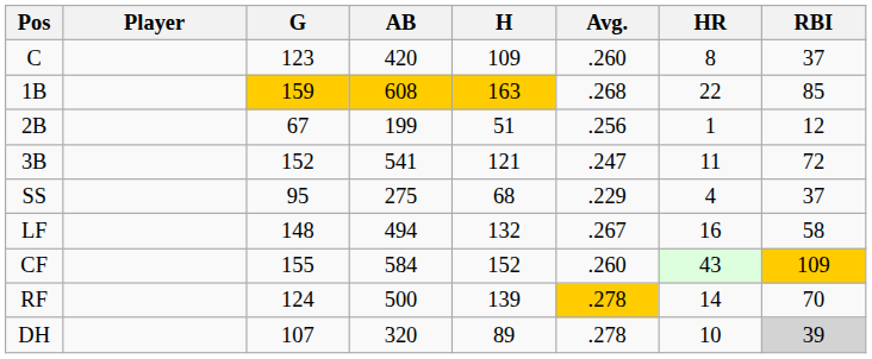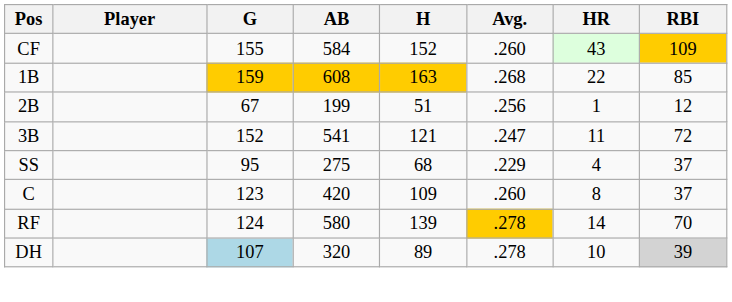 <table class="wikitable sortable">
 <tr>
 <th bgcolor="#DDDDFF" width="5%">Pos</th>
 <th bgcolor="#DDDDFF" width="16%">Player</th>
 <th bgcolor="#DDDDFF" width="9%">G</th>
 <th bgcolor="#DDDDFF" width="9%">AB</th>
 <th bgcolor="#DDDDFF" width="9%">H</th>
 <th bgcolor="#DDDDFF" width="9%">Avg.</th>
 <th bgcolor="#DDDDFF" width="9%">HR</th>
 <th bgcolor="#DDDDFF" width="9%">RBI</th>
 </tr>
 <tr align="center">
-<td>C</td>
+<td>CF</td>
 <td></td>
-<td>123</td>
-<td>420</td>
-<td>109</td>
+<td>155</td>
+<td>584</td>
+<td>152</td>
 <td>.260</td>
-<td>8</td>
-<td>37</td>
+<td style="background:#DDFFDD;">43</td>
+<td style="background:#fc0;">109</td>
 </tr>
 <tr align="center">
 <td>1B</td>
 <td></td>
 <td style="background:#fc0;">159</td>
 <td style="background:#fc0;">608</td>
 <td style="background:#fc0;">163</td>
 <td>.268</td>
 <td>22</td>
 <td>85</td>
 </tr>
 <tr align="center">
 <td>2B</td>
 <td></td>
 <td>67</td>
 <td>199</td>
 <td>51</td>
 <td>.256</td>
 <td>1</td>
 <td>12</td>
 </tr>
 <tr align="center">
 <td>3B</td>
 <td></td>
 <td>152</td>
 <td>541</td>
 <td>121</td>
 <td>.247</td>
 <td>11</td>
 <td>72</td>
 </tr>
 <tr align="center">
 <td>SS</td>
 <td></td>
 <td>95</td>
 <td>275</td>
 <td>68</td>
 <td>.229</td>
 <td>4</td>
 <td>37</td>
 </tr>
 <tr align="center">
-<td>LF</td>
+<td>C</td>
 <td></td>
-<td>148</td>
-<td>494</td>
-<td>132</td>
-<td>.267</td>
-<td>16</td>
-<td>58</td>
-</tr>
-<tr align="center">
-<td>CF</td>
-<td></td>
-<td>155</td>
-<td>584</td>
-<td>152</td>
+<td>123</td>
+<td>420</td>
+<td>109</td>
 <td>.260</td>
-<td style="background:#DDFFDD;">43</td>
-<td style="background:#fc0;">109</td>
+<td>8</td>
+<td>37</td>
 </tr>
 <tr align="center">
 <td>RF</td>
 <td></td>
 <td>124</td>
-<td>500</td>
+<td>580</td>
 <td>139</td>
 <td style="background:#fc0;">.278</td>
 <td>14</td>
 <td>70</td>
 </tr>
 <tr align="center">
 <td>DH</td>
 <td></td>
-<td>107</td>
+<td style="background: lightblue;">107</td>
 <td>320</td>
 <td>89</td>
 <td>.278</td>
 <td>10</td>
 <td style="background: lightgrey;">39</td>
 </tr>
 </table>
